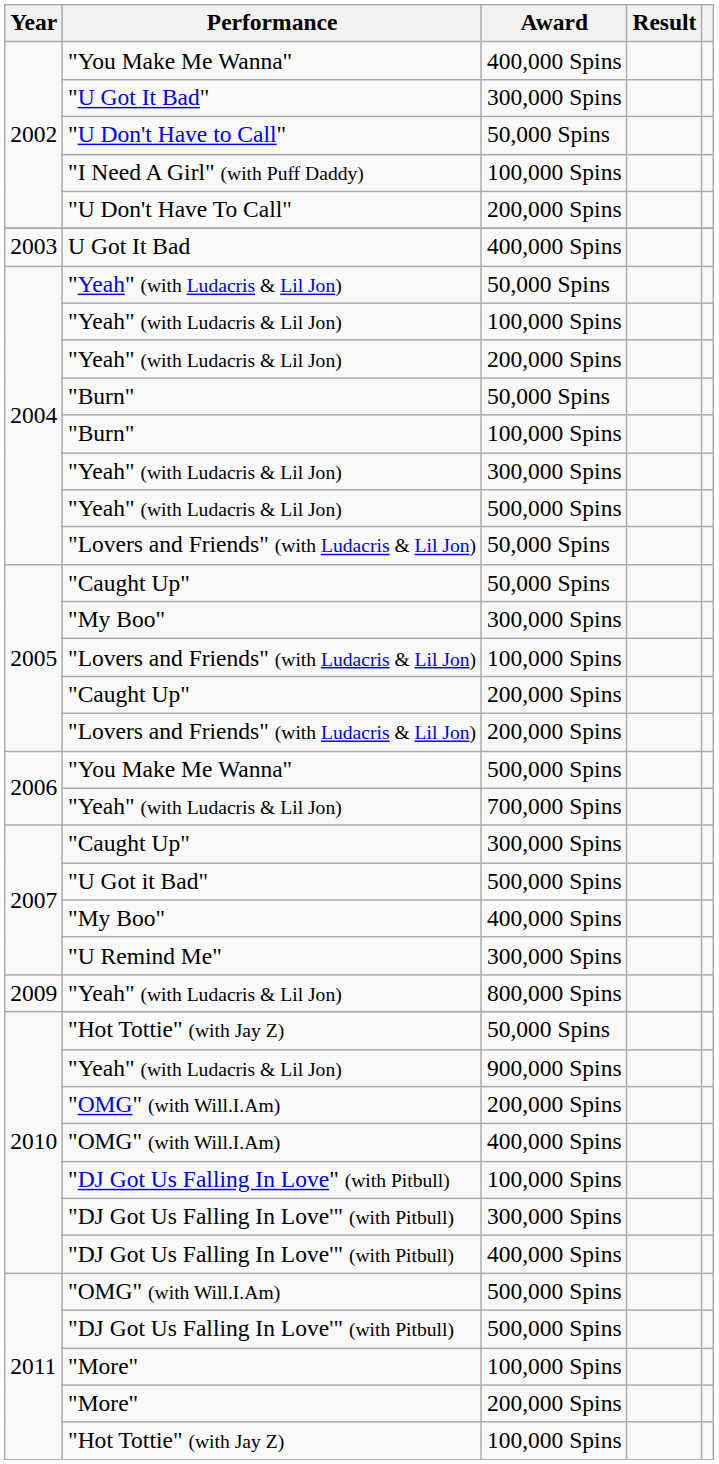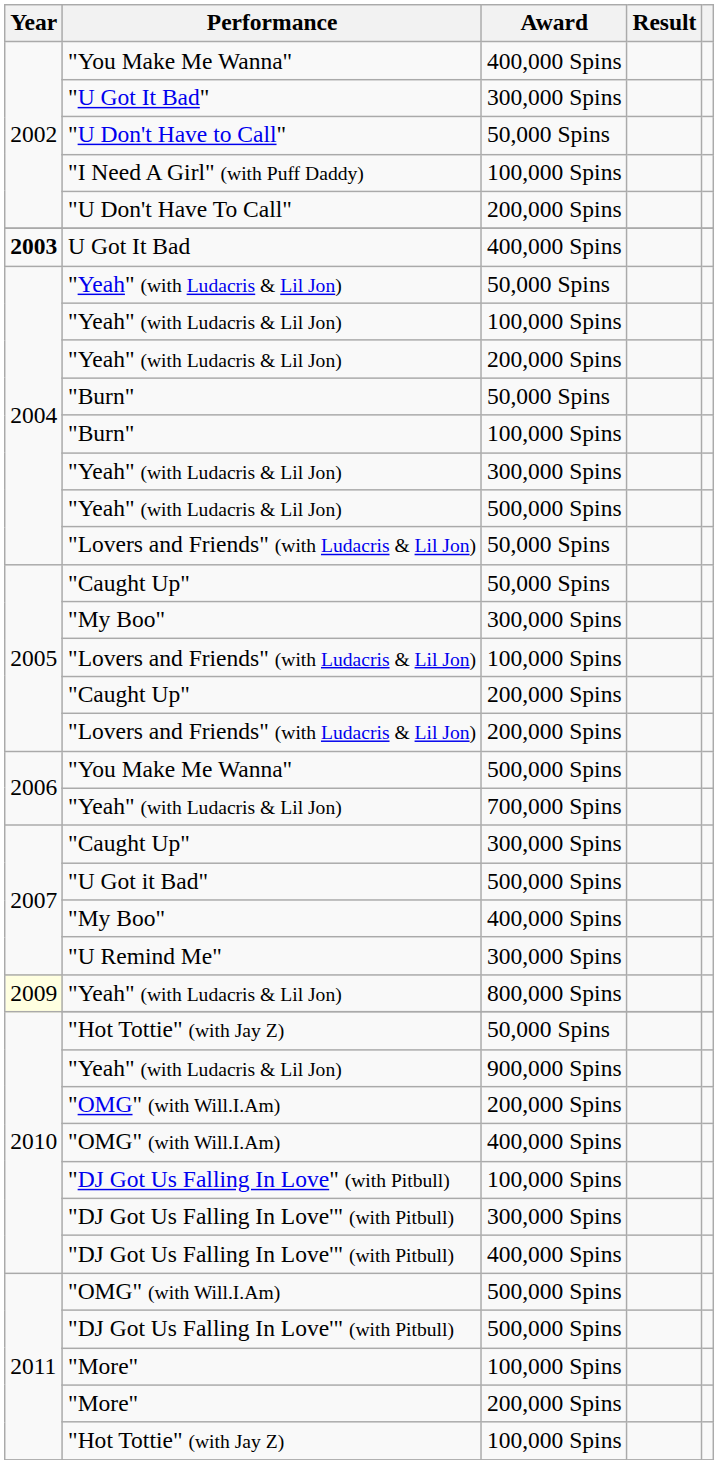 <table class="wikitable">
 <tr>
 <th>Year</th>
 <th>Performance</th>
 <th>Award</th>
 <th>Result</th>
 <th></th>
 </tr>
 <tr>
 <td rowspan="5">2002</td>
 <td>"You Make Me Wanna"</td>
 <td>400,000 Spins</td>
 <td></td>
 <td style="text-align:center;"></td>
 </tr>
 <tr>
 <td>"<a href='#'>U Got It Bad</a>"</td>
 <td>300,000 Spins</td>
 <td></td>
 <td style="text-align:center;"></td>
 </tr>
 <tr>
 <td>"<a href='#'>U Don't Have to Call</a>"</td>
 <td>50,000 Spins</td>
 <td></td>
 <td style="text-align:center;"></td>
 </tr>
 <tr>
 <td>"I Need A Girl" <small>(with Puff Daddy)</small></td>
 <td>100,000 Spins</td>
 <td></td>
 <td style="text-align:center;"></td>
 </tr>
 <tr>
 <td>"U Don't Have To Call"</td>
 <td>200,000 Spins</td>
 <td></td>
 <td style="text-align:center;"></td>
 </tr>
 <tr>
 </tr>
 <tr>
-<td rowspan="1">2003</td>
+<td rowspan="1"><strong>2003</strong></td>
 <td>U Got It Bad</td>
 <td>400,000 Spins</td>
 <td></td>
 <td style="text-align:center;"></td>
 </tr>
 <tr>
 <td rowspan="8">2004</td>
 <td>"<a href='#'>Yeah</a>" <small>(with <a href='#'>Ludacris</a> & <a href='#'>Lil Jon</a>)</small></td>
 <td>50,000 Spins</td>
 <td></td>
 <td style="text-align:center;"></td>
 </tr>
 <tr>
 <td>"Yeah" <small>(with Ludacris & Lil Jon)</small></td>
 <td>100,000 Spins</td>
 <td></td>
 <td style="text-align:center;"></td>
 </tr>
 <tr>
 <td>"Yeah" <small>(with Ludacris & Lil Jon)</small></td>
 <td>200,000 Spins</td>
 <td></td>
 <td style="text-align:center;"></td>
 </tr>
 <tr>
 <td>"Burn"</td>
 <td>50,000 Spins</td>
 <td></td>
 <td style="text-align:center;"></td>
 </tr>
 <tr>
 <td>"Burn"</td>
 <td>100,000 Spins</td>
 <td></td>
 <td style="text-align:center;"></td>
 </tr>
 <tr>
 <td>"Yeah" <small>(with Ludacris & Lil Jon)</small></td>
 <td>300,000 Spins</td>
 <td></td>
 <td style="text-align:center;"></td>
 </tr>
 <tr>
 <td>"Yeah" <small>(with Ludacris & Lil Jon)</small></td>
 <td>500,000 Spins</td>
 <td></td>
 <td style="text-align:center;"></td>
 </tr>
 <tr>
 <td>"Lovers and Friends" <small>(with <a href='#'>Ludacris</a> & <a href='#'>Lil Jon</a>)</small></td>
 <td>50,000 Spins</td>
 <td></td>
 <td style="text-align:center;"></td>
 </tr>
 <tr>
 <td rowspan="5">2005</td>
 <td>"Caught Up"</td>
 <td>50,000 Spins</td>
 <td></td>
 <td style="text-align:center;"></td>
 </tr>
 <tr>
 <td>"My Boo"</td>
 <td>300,000 Spins</td>
 <td></td>
 <td style="text-align:center;"></td>
 </tr>
 <tr>
 <td>"Lovers and Friends" <small>(with <a href='#'>Ludacris</a> & <a href='#'>Lil Jon</a>)</small></td>
 <td>100,000 Spins</td>
 <td></td>
 <td style="text-align:center;"></td>
 </tr>
 <tr>
 <td>"Caught Up"</td>
 <td>200,000 Spins</td>
 <td></td>
 <td style="text-align:center;"></td>
 </tr>
 <tr>
 <td>"Lovers and Friends" <small>(with <a href='#'>Ludacris</a> & <a href='#'>Lil Jon</a>)</small></td>
 <td>200,000 Spins</td>
 <td></td>
 <td style="text-align:center;"></td>
 </tr>
 <tr>
 <td rowspan="2">2006</td>
 <td>"You Make Me Wanna"</td>
 <td>500,000 Spins</td>
 <td></td>
 <td style="text-align:center;"></td>
 </tr>
 <tr>
 <td>"Yeah" <small>(with Ludacris & Lil Jon)</small></td>
 <td>700,000 Spins</td>
 <td></td>
 <td style="text-align:center;"></td>
 </tr>
 <tr>
 <td rowspan="4">2007</td>
 <td>"Caught Up"</td>
 <td>300,000 Spins</td>
 <td></td>
 <td style="text-align:center;"></td>
 </tr>
 <tr>
 <td>"U Got it Bad"</td>
 <td>500,000 Spins</td>
 <td></td>
 <td style="text-align:center;"></td>
 </tr>
 <tr>
 <td>"My Boo"</td>
 <td>400,000 Spins</td>
 <td></td>
 <td style="text-align:center;"></td>
 </tr>
 <tr>
 <td>"U Remind Me"</td>
 <td>300,000 Spins</td>
 <td></td>
 <td style="text-align:center;"></td>
 </tr>
 <tr>
-<td rowspan="1">2009</td>
+<td rowspan="1" style="background: lightyellow;">2009</td>
 <td>"Yeah" <small>(with Ludacris & Lil Jon)</small></td>
 <td>800,000 Spins</td>
 <td></td>
 <td style="text-align:center;"></td>
 </tr>
 <tr>
 <td rowspan="8">2010</td>
 </tr>
 <tr>
 <td>"Hot Tottie" <small>(with Jay Z)</small></td>
 <td>50,000 Spins</td>
 <td></td>
 <td style="text-align:center;"></td>
 </tr>
 <tr>
 <td>"Yeah" <small>(with Ludacris & Lil Jon)</small></td>
 <td>900,000 Spins</td>
 <td></td>
 <td style="text-align:center;"></td>
 </tr>
 <tr>
 <td>"<a href='#'>OMG</a>" <small>(with Will.I.Am)</small></td>
 <td>200,000 Spins</td>
 <td></td>
 <td style="text-align:center;"></td>
 </tr>
 <tr>
 <td>"OMG" <small>(with Will.I.Am)</small></td>
 <td>400,000 Spins</td>
 <td></td>
 <td style="text-align:center;"></td>
 </tr>
 <tr>
 <td>"<a href='#'>DJ Got Us Falling In Love</a>" <small>(with Pitbull)</small></td>
 <td>100,000 Spins</td>
 <td></td>
 <td style="text-align:center;"></td>
 </tr>
 <tr>
 <td>"DJ Got Us Falling In Love'" <small>(with Pitbull)</small></td>
 <td>300,000 Spins</td>
 <td></td>
 <td style="text-align:center;"></td>
 </tr>
 <tr>
 <td>"DJ Got Us Falling In Love'" <small>(with Pitbull)</small></td>
 <td>400,000 Spins</td>
 <td></td>
 <td style="text-align:center;"></td>
 </tr>
 <tr>
 <td rowspan="5">2011</td>
 <td>"OMG" <small>(with Will.I.Am)</small></td>
 <td>500,000 Spins</td>
 <td></td>
 <td style="text-align:center;"></td>
 </tr>
 <tr>
 <td>"DJ Got Us Falling In Love'" <small>(with Pitbull)</small></td>
 <td>500,000 Spins</td>
 <td></td>
 <td style="text-align:center;"></td>
 </tr>
 <tr>
 <td>"More"</td>
 <td>100,000 Spins</td>
 <td></td>
 <td style="text-align:center;"></td>
 </tr>
 <tr>
 <td>"More"</td>
 <td>200,000 Spins</td>
 <td></td>
 <td style="text-align:center;"></td>
 </tr>
 <tr>
 <td>"Hot Tottie" <small>(with Jay Z)</small></td>
 <td>100,000 Spins</td>
 <td></td>
 <td style="text-align:center;"></td>
 </tr>
 <tr>
 </tr>
 </table>
